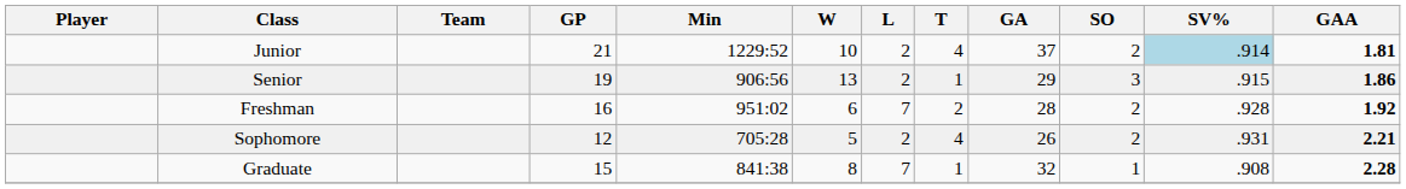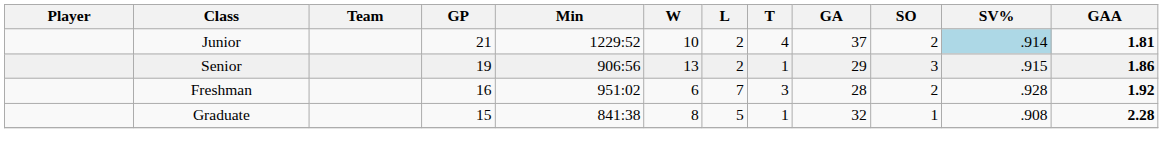 <table class="wikitable sortable" style="text-align: center; "width=60%">
 <tr>
 <th>Player</th>
 <th>Class</th>
 <th>Team</th>
 <th>GP</th>
 <th>Min</th>
 <th>W</th>
 <th>L</th>
 <th>T</th>
 <th>GA</th>
 <th>SO</th>
 <th>SV%</th>
 <th>GAA</th>
 </tr>
 <tr>
 <td align=left></td>
 <td>Junior</td>
 <td><strong><a href='#'></a></strong></td>
 <td align=right>21</td>
 <td align=right>1229:52</td>
 <td align=right>10</td>
 <td align=right>2</td>
 <td align=right>4</td>
 <td align=right>37</td>
 <td align=right>2</td>
 <td align=right style="background: lightblue;">.914</td>
 <td align=right><strong>1.81</strong></td>
 </tr>
 <tr bgcolor=f0f0f0>
 <td align=left></td>
 <td>Senior</td>
 <td><strong><a href='#'></a></strong></td>
 <td align=right>19</td>
 <td align=right>906:56</td>
 <td align=right>13</td>
 <td align=right>2</td>
 <td align=right>1</td>
 <td align=right>29</td>
 <td align=right>3</td>
 <td align=right>.915</td>
 <td align=right><strong>1.86</strong></td>
 </tr>
 <tr>
 <td align=left></td>
 <td>Freshman</td>
 <td><strong><a href='#'></a></strong></td>
 <td align=right>16</td>
 <td align=right>951:02</td>
 <td align=right>6</td>
 <td align=right>7</td>
-<td align=right>2</td>
+<td align=right>3</td>
 <td align=right>28</td>
 <td align=right>2</td>
 <td align=right>.928</td>
 <td align=right><strong>1.92</strong></td>
-</tr>
-<tr bgcolor=f0f0f0>
-<td align=left></td>
-<td>Sophomore</td>
-<td><strong><a href='#'></a></strong></td>
-<td align=right>12</td>
-<td align=right>705:28</td>
-<td align=right>5</td>
-<td align=right>2</td>
-<td align=right>4</td>
-<td align=right>26</td>
-<td align=right>2</td>
-<td align=right>.931</td>
-<td align=right><strong>2.21</strong></td>
 </tr>
 <tr>
 <td align=left></td>
 <td>Graduate</td>
 <td><strong><a href='#'></a></strong></td>
 <td align=right>15</td>
 <td align=right>841:38</td>
 <td align=right>8</td>
-<td align=right>7</td>
+<td align=right>5</td>
 <td align=right>1</td>
 <td align=right>32</td>
 <td align=right>1</td>
 <td align=right>.908</td>
 <td align=right><strong>2.28</strong></td>
 </tr>
 <tr>
 </tr>
 </table>
